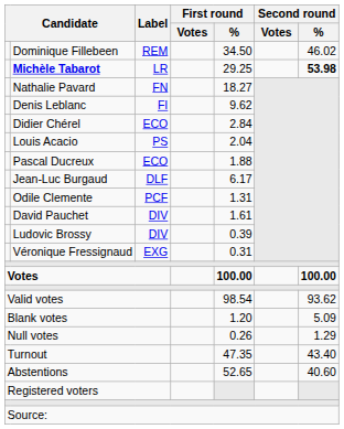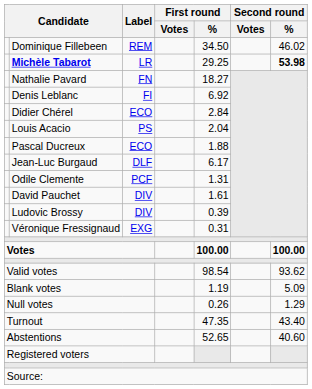 <table class="wikitable" style="text-align:right;font-size:95%;">
 <tr>
 <th colspan="2" rowspan="2">Candidate</th>
 <th rowspan="2">Label</th>
 <th colspan="2">First round</th>
 <th colspan="2">Second round</th>
 </tr>
 <tr>
 <th style="width:50px;">Votes</th>
 <th style="width:45px;">%</th>
 <th style="width:50px;">Votes</th>
 <th style="width:45px;">%</th>
 </tr>
 <tr>
 <td style="color:inherit;background:"></td>
 <td style="text-align:left;">Dominique Fillebeen</td>
 <td><a href='#'>REM</a></td>
 <td></td>
 <td>34.50</td>
 <td></td>
 <td>46.02</td>
 </tr>
 <tr>
 <td style="color:inherit;background:"></td>
 <td style="text-align:left;"><strong><a href='#'>Michèle Tabarot</a></strong></td>
 <td><a href='#'>LR</a></td>
 <td></td>
 <td>29.25</td>
 <td><strong></strong></td>
 <td><strong>53.98</strong></td>
 </tr>
 <tr>
 <td style="color:inherit;background:"></td>
 <td style="text-align:left;">Nathalie Pavard</td>
 <td><a href='#'>FN</a></td>
 <td></td>
 <td>18.27</td>
 <td colspan="2" rowspan="10" style="background:#E9E9E9;"></td>
 </tr>
 <tr>
 <td style="color:inherit;background:"></td>
 <td style="text-align:left;">Denis Leblanc</td>
 <td><a href='#'>FI</a></td>
 <td></td>
-<td>9.62</td>
+<td>6.92</td>
 </tr>
 <tr>
 <td style="color:inherit;background:"></td>
 <td style="text-align:left;">Didier Chérel</td>
 <td><a href='#'>ECO</a></td>
 <td></td>
 <td>2.84</td>
 </tr>
 <tr>
 <td style="color:inherit;background:"></td>
 <td style="text-align:left;">Louis Acacio</td>
 <td><a href='#'>PS</a></td>
 <td></td>
 <td>2.04</td>
 </tr>
 <tr>
 <td style="color:inherit;background:"></td>
 <td style="text-align:left;">Pascal Ducreux</td>
 <td><a href='#'>ECO</a></td>
 <td></td>
 <td>1.88</td>
 </tr>
 <tr>
 <td style="color:inherit;background:"></td>
 <td style="text-align:left;">Jean-Luc Burgaud</td>
 <td><a href='#'>DLF</a></td>
 <td></td>
 <td>6.17</td>
 </tr>
 <tr>
 <td style="color:inherit;background:"></td>
 <td style="text-align:left;">Odile Clemente</td>
 <td><a href='#'>PCF</a></td>
 <td></td>
 <td>1.31</td>
 </tr>
 <tr>
 <td style="color:inherit;background:"></td>
 <td style="text-align:left;">David Pauchet</td>
 <td><a href='#'>DIV</a></td>
 <td></td>
 <td>1.61</td>
 </tr>
 <tr>
 <td style="color:inherit;background:"></td>
 <td style="text-align:left;">Ludovic Brossy</td>
 <td><a href='#'>DIV</a></td>
 <td></td>
 <td>0.39</td>
 </tr>
 <tr>
 <td style="color:inherit;background:"></td>
 <td style="text-align:left;">Véronique Fressignaud</td>
 <td><a href='#'>EXG</a></td>
 <td></td>
 <td>0.31</td>
 </tr>
 <tr>
 <td colspan="7" style="background:#E9E9E9;"></td>
 </tr>
 <tr style="font-weight:bold;">
 <td colspan="3" style="text-align:left;">Votes</td>
 <td></td>
 <td>100.00</td>
 <td></td>
 <td>100.00</td>
 </tr>
 <tr>
 <td colspan="7" style="background:#E9E9E9;"></td>
 </tr>
 <tr>
 <td colspan="3" style="text-align:left;">Valid votes</td>
 <td></td>
 <td>98.54</td>
 <td></td>
 <td>93.62</td>
 </tr>
 <tr>
 <td colspan="3" style="text-align:left;">Blank votes</td>
 <td></td>
-<td>1.20</td>
+<td>1.19</td>
 <td></td>
 <td>5.09</td>
 </tr>
 <tr>
 <td colspan="3" style="text-align:left;">Null votes</td>
 <td></td>
 <td>0.26</td>
 <td></td>
 <td>1.29</td>
 </tr>
 <tr>
 <td colspan="3" style="text-align:left;">Turnout</td>
 <td></td>
 <td>47.35</td>
 <td></td>
 <td>43.40</td>
 </tr>
 <tr>
 <td colspan="3" style="text-align:left;">Abstentions</td>
 <td></td>
 <td>52.65</td>
 <td></td>
 <td>40.60</td>
 </tr>
 <tr>
 <td colspan="3" style="text-align:left;">Registered voters</td>
 <td></td>
 <td style="background:#E9E9E9;"></td>
 <td></td>
 <td style="background:#E9E9E9;"></td>
 </tr>
 <tr>
 <td colspan="7" style="background:#E9E9E9;"></td>
 </tr>
 <tr>
 <td colspan="7" style="text-align:left;">Source: </td>
 </tr>
 </table>
